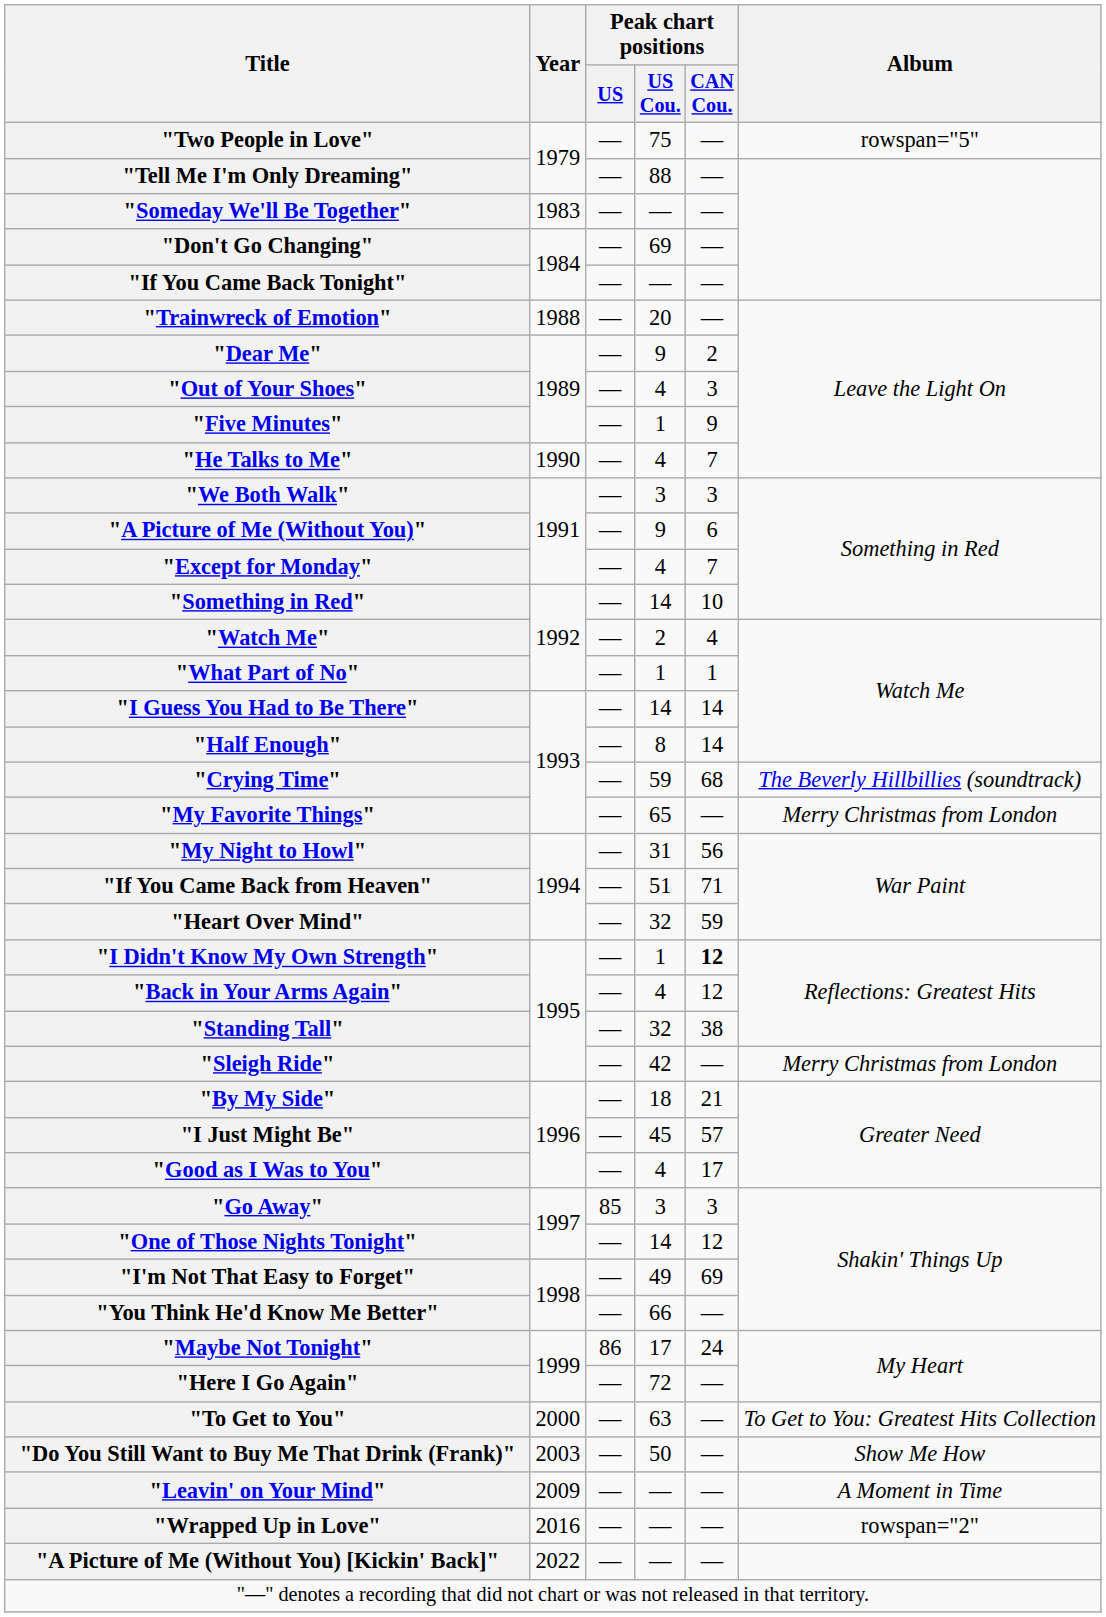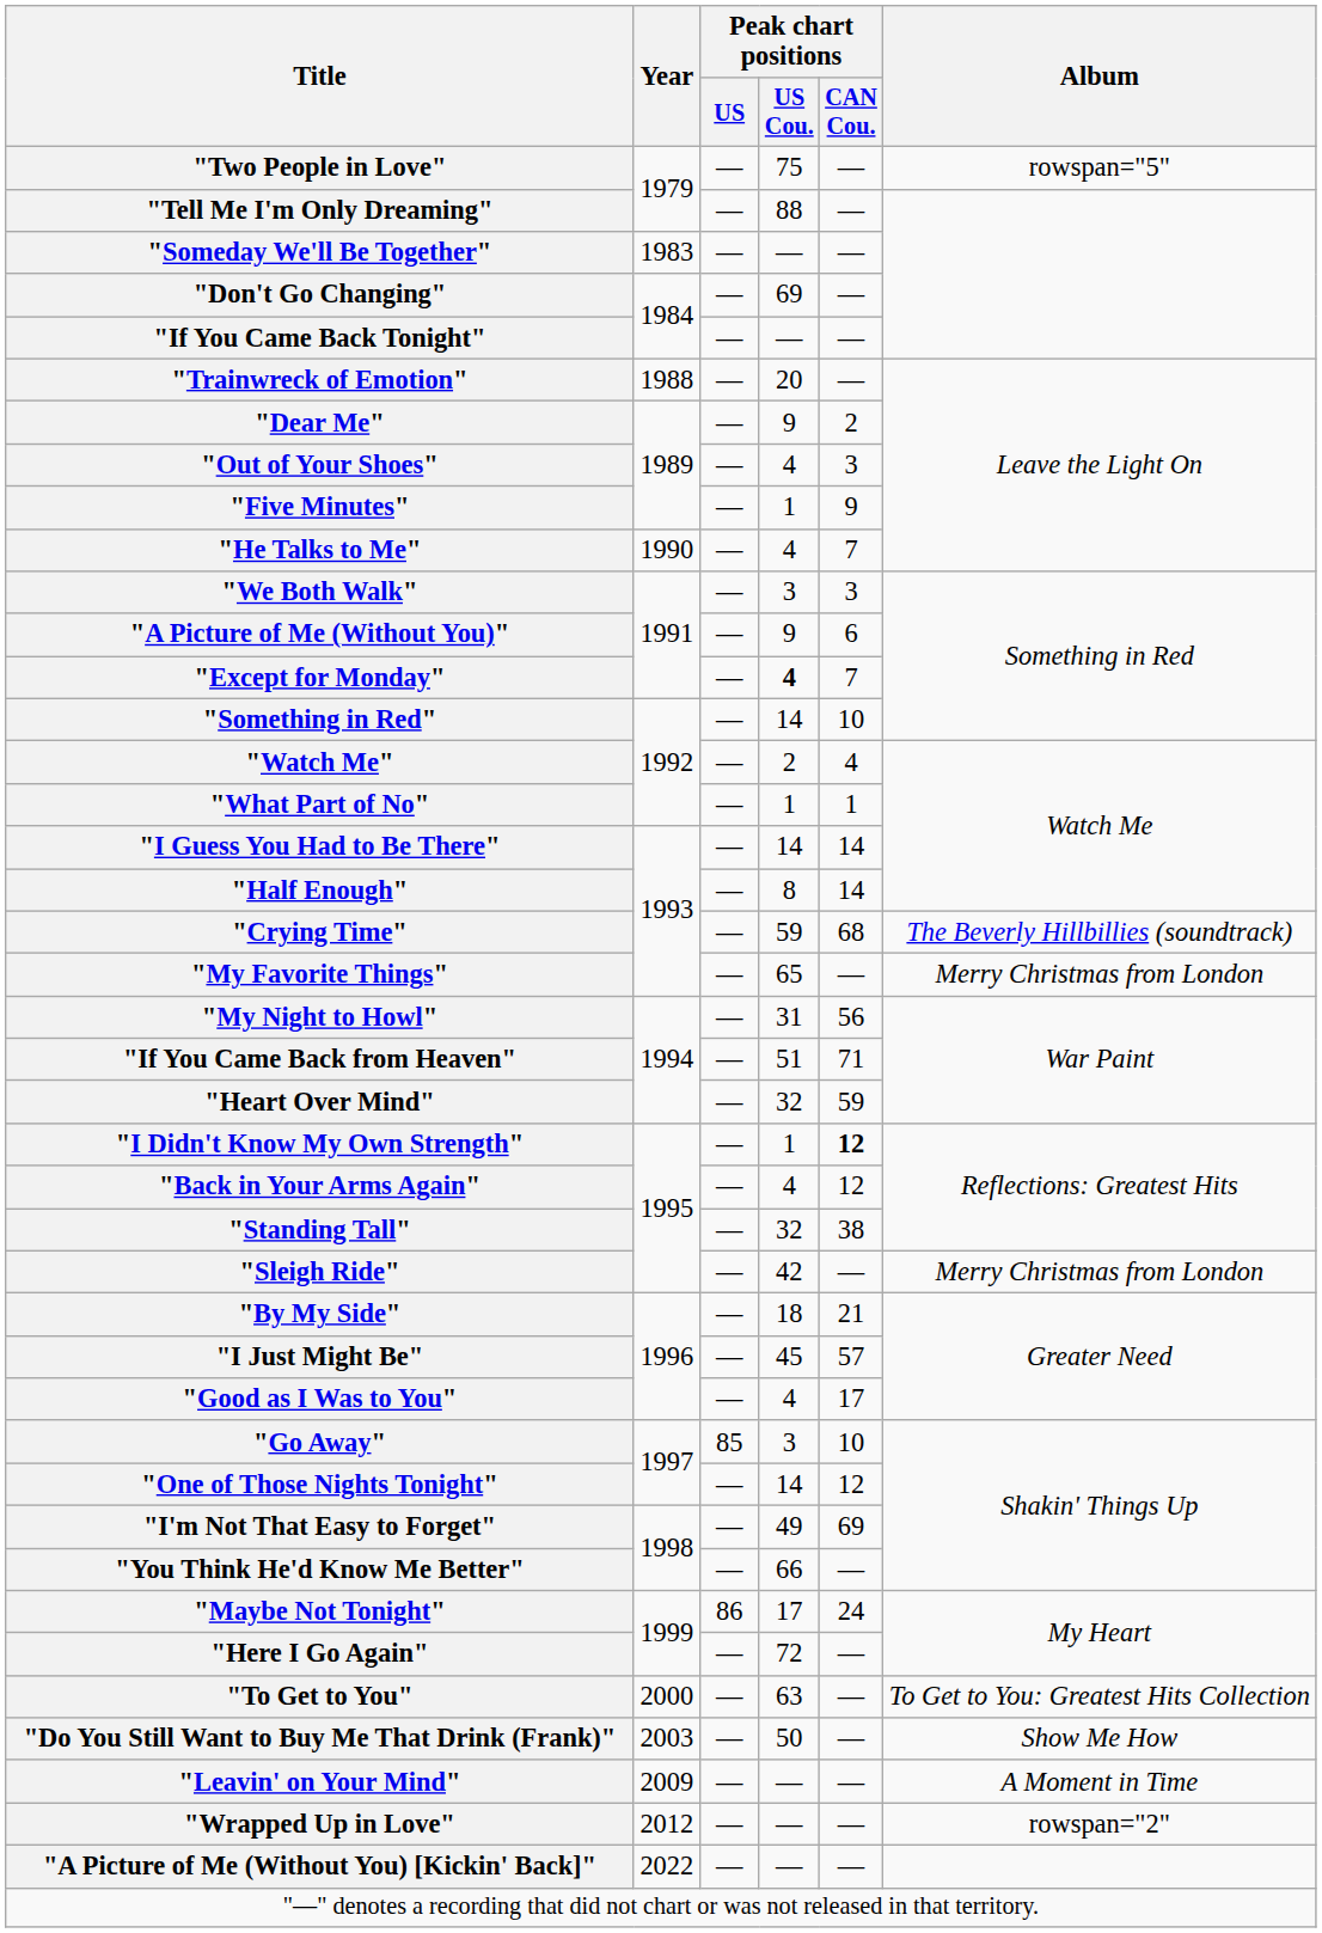 <table class="wikitable plainrowheaders" style="text-align:center;" border="1">
 <tr>
 <th scope="col" rowspan="2" style="width:23em;">Title</th>
 <th scope="col" rowspan="2">Year</th>
 <th scope="col" colspan="3">Peak chart<br>positions</th>
 <th scope="col" rowspan="2">Album</th>
 </tr>
 <tr>
 <th scope="col" style="width:2em;font-size:90%;"><a href='#'>US</a><br></th>
 <th scope="col" style="width:2em;font-size:90%;"><a href='#'>US<br>Cou.</a><br></th>
 <th scope="col" style="width:2em;font-size:90%;"><a href='#'>CAN<br>Cou.</a><br></th>
 </tr>
 <tr>
 <th scope="row">"Two People in Love"</th>
 <td rowspan="2">1979</td>
 <td>—</td>
 <td>75</td>
 <td>—</td>
 <td>rowspan="5" </td>
 </tr>
 <tr>
 <th scope="row">"Tell Me I'm Only Dreaming"</th>
 <td>—</td>
 <td>88</td>
 <td>—</td>
 </tr>
 <tr>
 <th scope="row">"<a href='#'>Someday We'll Be Together</a>"</th>
 <td>1983</td>
 <td>—</td>
 <td>—</td>
 <td>—</td>
 </tr>
 <tr>
 <th scope="row">"Don't Go Changing"</th>
 <td rowspan="2">1984</td>
 <td>—</td>
 <td>69</td>
 <td>—</td>
 </tr>
 <tr>
 <th scope="row">"If You Came Back Tonight"</th>
 <td>—</td>
 <td>—</td>
 <td>—</td>
 </tr>
 <tr>
 <th scope="row">"<a href='#'>Trainwreck of Emotion</a>"</th>
 <td>1988</td>
 <td>—</td>
 <td>20</td>
 <td>—</td>
 <td rowspan="5"><em>Leave the Light On</em></td>
 </tr>
 <tr>
 <th scope="row">"<a href='#'>Dear Me</a>"</th>
 <td rowspan="3">1989</td>
 <td>—</td>
 <td>9</td>
 <td>2</td>
 </tr>
 <tr>
 <th scope="row">"<a href='#'>Out of Your Shoes</a>"</th>
 <td>—</td>
 <td>4</td>
 <td>3</td>
 </tr>
 <tr>
 <th scope="row">"<a href='#'>Five Minutes</a>"</th>
 <td>—</td>
 <td>1</td>
 <td>9</td>
 </tr>
 <tr>
 <th scope="row">"<a href='#'>He Talks to Me</a>"</th>
 <td>1990</td>
 <td>—</td>
 <td>4</td>
 <td>7</td>
 </tr>
 <tr>
 <th scope="row">"<a href='#'>We Both Walk</a>"</th>
 <td rowspan="3">1991</td>
 <td>—</td>
 <td>3</td>
 <td>3</td>
 <td rowspan="4"><em>Something in Red</em></td>
 </tr>
 <tr>
 <th scope="row">"<a href='#'>A Picture of Me (Without You)</a>"</th>
 <td>—</td>
 <td>9</td>
 <td>6</td>
 </tr>
 <tr>
 <th scope="row">"<a href='#'>Except for Monday</a>"</th>
 <td>—</td>
-<td>4</td>
+<td><strong>4</strong></td>
 <td>7</td>
 </tr>
 <tr>
 <th scope="row">"<a href='#'>Something in Red</a>"</th>
 <td rowspan="3">1992</td>
 <td>—</td>
 <td>14</td>
 <td>10</td>
 </tr>
 <tr>
 <th scope="row">"<a href='#'>Watch Me</a>"</th>
 <td>—</td>
 <td>2</td>
 <td>4</td>
 <td rowspan="4"><em>Watch Me</em></td>
 </tr>
 <tr>
 <th scope="row">"<a href='#'>What Part of No</a>"</th>
 <td>—</td>
 <td>1</td>
 <td>1</td>
 </tr>
 <tr>
 <th scope="row">"<a href='#'>I Guess You Had to Be There</a>"</th>
 <td rowspan="4">1993</td>
 <td>—</td>
 <td>14</td>
 <td>14</td>
 </tr>
 <tr>
 <th scope="row">"<a href='#'>Half Enough</a>"</th>
 <td>—</td>
 <td>8</td>
 <td>14</td>
 </tr>
 <tr>
 <th scope="row">"<a href='#'>Crying Time</a>"</th>
 <td>—</td>
 <td>59</td>
 <td>68</td>
 <td><em><a href='#'>The Beverly Hillbillies</a> (soundtrack)</em></td>
 </tr>
 <tr>
 <th scope="row">"<a href='#'>My Favorite Things</a>"</th>
 <td>—</td>
 <td>65</td>
 <td>—</td>
 <td><em>Merry Christmas from London</em></td>
 </tr>
 <tr>
 <th scope="row">"<a href='#'>My Night to Howl</a>"</th>
 <td rowspan="3">1994</td>
 <td>—</td>
 <td>31</td>
 <td>56</td>
 <td rowspan="3"><em>War Paint</em></td>
 </tr>
 <tr>
 <th scope="row">"If You Came Back from Heaven"</th>
 <td>—</td>
 <td>51</td>
 <td>71</td>
 </tr>
 <tr>
 <th scope="row">"Heart Over Mind"</th>
 <td>—</td>
 <td>32</td>
 <td>59</td>
 </tr>
 <tr>
 <th scope="row">"<a href='#'>I Didn't Know My Own Strength</a>"</th>
 <td rowspan="4">1995</td>
 <td>—</td>
 <td>1</td>
 <td><strong>12</strong></td>
 <td rowspan="3"><em>Reflections: Greatest Hits</em></td>
 </tr>
 <tr>
 <th scope="row">"<a href='#'>Back in Your Arms Again</a>"</th>
 <td>—</td>
 <td>4</td>
 <td>12</td>
 </tr>
 <tr>
 <th scope="row">"<a href='#'>Standing Tall</a>"</th>
 <td>—</td>
 <td>32</td>
 <td>38</td>
 </tr>
 <tr>
 <th scope="row">"<a href='#'>Sleigh Ride</a>"</th>
 <td>—</td>
 <td>42</td>
 <td>—</td>
 <td><em>Merry Christmas from London</em></td>
 </tr>
 <tr>
 <th scope="row">"<a href='#'>By My Side</a>"<br></th>
 <td rowspan="3">1996</td>
 <td>—</td>
 <td>18</td>
 <td>21</td>
 <td rowspan="3"><em>Greater Need</em></td>
 </tr>
 <tr>
 <th scope="row">"I Just Might Be"</th>
 <td>—</td>
 <td>45</td>
 <td>57</td>
 </tr>
 <tr>
 <th scope="row">"<a href='#'>Good as I Was to You</a>"</th>
 <td>—</td>
 <td>4</td>
 <td>17</td>
 </tr>
 <tr>
 <th scope="row">"<a href='#'>Go Away</a>"</th>
 <td rowspan="2">1997</td>
 <td>85</td>
 <td>3</td>
-<td>3</td>
+<td>10</td>
 <td rowspan="4"><em>Shakin' Things Up</em></td>
 </tr>
 <tr>
 <th scope="row">"<a href='#'>One of Those Nights Tonight</a>"</th>
 <td>—</td>
 <td>14</td>
 <td>12</td>
 </tr>
 <tr>
 <th scope="row">"I'm Not That Easy to Forget"</th>
 <td rowspan="2">1998</td>
 <td>—</td>
 <td>49</td>
 <td>69</td>
 </tr>
 <tr>
 <th scope="row">"You Think He'd Know Me Better"</th>
 <td>—</td>
 <td>66</td>
 <td>—</td>
 </tr>
 <tr>
 <th scope="row">"<a href='#'>Maybe Not Tonight</a>"<br></th>
 <td rowspan="2">1999</td>
 <td>86</td>
 <td>17</td>
 <td>24</td>
 <td rowspan="2"><em>My Heart</em></td>
 </tr>
 <tr>
 <th scope="row">"Here I Go Again"</th>
 <td>—</td>
 <td>72</td>
 <td>—</td>
 </tr>
 <tr>
 <th scope="row">"To Get to You"</th>
 <td>2000</td>
 <td>—</td>
 <td>63</td>
 <td>—</td>
 <td><em>To Get to You: Greatest Hits Collection</em></td>
 </tr>
 <tr>
 <th scope="row">"Do You Still Want to Buy Me That Drink (Frank)"</th>
 <td>2003</td>
 <td>—</td>
 <td>50</td>
 <td>—</td>
 <td><em>Show Me How</em></td>
 </tr>
 <tr>
 <th scope="row">"<a href='#'>Leavin' on Your Mind</a>"</th>
 <td>2009</td>
 <td>—</td>
 <td>—</td>
 <td>—</td>
 <td><em>A Moment in Time</em></td>
 </tr>
 <tr>
 <th scope="row">"Wrapped Up in Love"</th>
-<td>2016</td>
+<td>2012</td>
 <td>—</td>
 <td>—</td>
 <td>—</td>
 <td>rowspan="2" </td>
 </tr>
 <tr>
 <th scope="row">"A Picture of Me (Without You) [Kickin' Back]"</th>
 <td>2022</td>
 <td>—</td>
 <td>—</td>
 <td>—</td>
 </tr>
 <tr>
 <td colspan="6" style="font-size:90%">"—" denotes a recording that did not chart or was not released in that territory.</td>
 </tr>
 </table>
